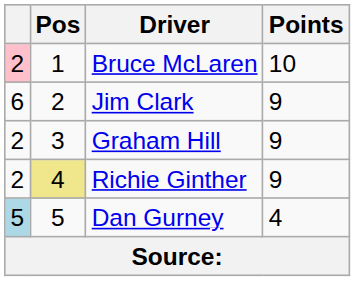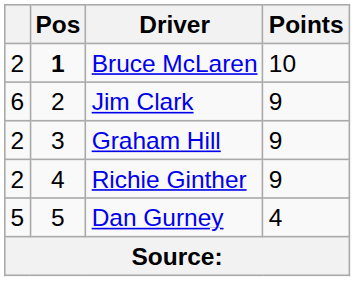 <table class="wikitable" style="font-size: 95%;">
 <tr>
 <th></th>
 <th>Pos</th>
 <th>Driver</th>
 <th>Points</th>
 </tr>
 <tr>
-<td align="left" style="background: pink;"> 2</td>
-<td align="center">1</td>
+<td align="left"> 2</td>
+<td align="center"><strong>1</strong></td>
 <td> <a href='#'>Bruce McLaren</a></td>
 <td align="left">10</td>
 </tr>
 <tr>
 <td align="left"> 6</td>
 <td align="center">2</td>
 <td> <a href='#'>Jim Clark</a></td>
 <td align="left">9</td>
 </tr>
 <tr>
 <td align="left"> 2</td>
 <td align="center">3</td>
 <td> <a href='#'>Graham Hill</a></td>
 <td align="left">9</td>
 </tr>
 <tr>
 <td align="left"> 2</td>
-<td align="center" style="background: khaki;">4</td>
+<td align="center">4</td>
 <td> <a href='#'>Richie Ginther</a></td>
 <td align="left">9</td>
 </tr>
 <tr>
-<td align="left" style="background: lightblue;"> 5</td>
+<td align="left"> 5</td>
 <td align="center">5</td>
 <td> <a href='#'>Dan Gurney</a></td>
 <td align="left">4</td>
 </tr>
 <tr>
 <th colspan=4>Source: </th>
 </tr>
 </table>
